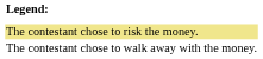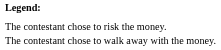 <table class="toccolours" style="font-size:100%; white-space:nowrap;">
 <tr>
 <td><strong>Legend:</strong></td>
 <td>      </td>
 </tr>
 <tr>
 <td></td>
 </tr>
 <tr>
 <td></td>
 </tr>
 <tr>
-<td style="background: khaki;"> The contestant chose to risk the money.</td>
+<td> The contestant chose to risk the money.</td>
 </tr>
 <tr>
 <td> The contestant chose to walk away with the money.</td>
 </tr>
 </table>
